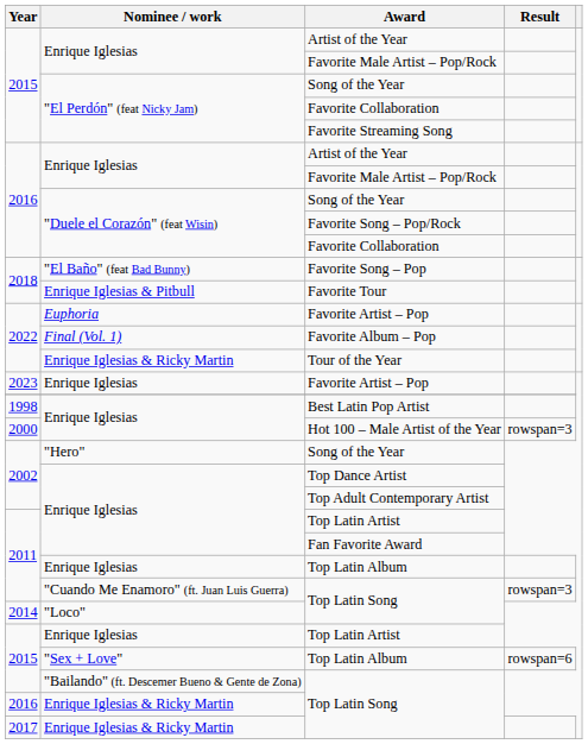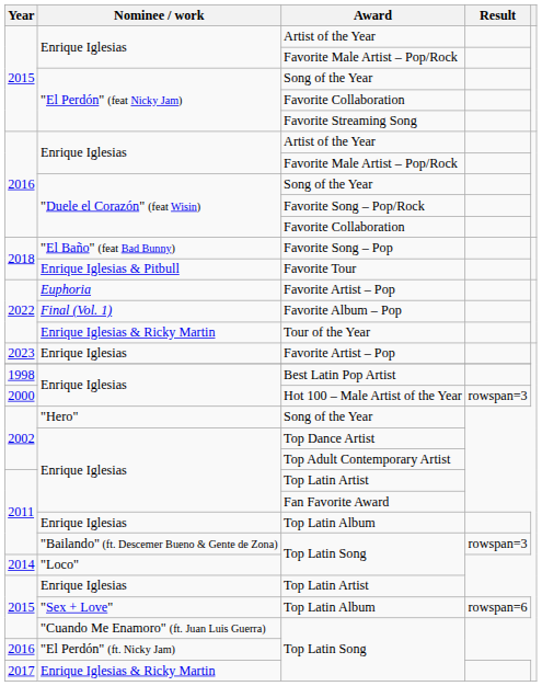 <table class="wikitable">
 <tr>
 <th>Year</th>
 <th>Nominee / work</th>
 <th>Award</th>
 <th>Result</th>
 <th></th>
 </tr>
 <tr>
 <td rowspan=5><a href='#'>2015</a></td>
 <td rowspan=2>Enrique Iglesias</td>
 <td>Artist of the Year</td>
 <td></td>
 <td rowspan=5></td>
 </tr>
 <tr>
 <td>Favorite Male Artist – Pop/Rock</td>
 <td></td>
 </tr>
 <tr>
 <td rowspan=3>"<a href='#'>El Perdón</a>" <small>(feat <a href='#'>Nicky Jam</a>)</small></td>
 <td>Song of the Year</td>
 <td></td>
 </tr>
 <tr>
 <td>Favorite Collaboration</td>
 <td></td>
 </tr>
 <tr>
 <td>Favorite Streaming Song</td>
 <td></td>
 </tr>
 <tr>
 <td rowspan=5><a href='#'>2016</a></td>
 <td rowspan=2>Enrique Iglesias</td>
 <td>Artist of the Year</td>
 <td></td>
 <td rowspan=5></td>
 </tr>
 <tr>
 <td>Favorite Male Artist – Pop/Rock</td>
 <td></td>
 </tr>
 <tr>
 <td rowspan=3>"<a href='#'>Duele el Corazón</a>" <small>(feat <a href='#'>Wisin</a>)</small></td>
 <td>Song of the Year</td>
 <td></td>
 </tr>
 <tr>
 <td>Favorite Song – Pop/Rock</td>
 <td></td>
 </tr>
 <tr>
 <td>Favorite Collaboration</td>
 <td></td>
 </tr>
 <tr>
 <td rowspan=2><a href='#'>2018</a></td>
 <td>"<a href='#'>El Baño</a>" <small>(feat <a href='#'>Bad Bunny</a>)</small></td>
 <td>Favorite Song – Pop</td>
 <td></td>
 <td rowspan=2></td>
 </tr>
 <tr>
 <td><a href='#'>Enrique Iglesias & Pitbull</a></td>
 <td>Favorite Tour</td>
 <td></td>
 </tr>
 <tr>
 <td rowspan=3><a href='#'>2022</a></td>
 <td><em><a href='#'>Euphoria</a></em></td>
 <td>Favorite Artist – Pop</td>
 <td></td>
 <td rowspan=3></td>
 </tr>
 <tr>
 <td><em><a href='#'>Final (Vol. 1)</a></em></td>
 <td>Favorite Album – Pop</td>
 <td></td>
 </tr>
 <tr>
 <td><a href='#'>Enrique Iglesias & Ricky Martin</a></td>
 <td>Tour of the Year</td>
 <td></td>
 </tr>
 <tr>
 <td><a href='#'>2023</a></td>
 <td>Enrique Iglesias</td>
 <td>Favorite Artist – Pop</td>
 <td></td>
 </tr>
 <tr>
 </tr>
 <tr>
 <td><a href='#'>1998</a></td>
 <td rowspan=2>Enrique Iglesias</td>
 <td>Best Latin Pop Artist</td>
 <td></td>
 </tr>
 <tr>
 <td><a href='#'>2000</a></td>
 <td>Hot 100 – Male Artist of the Year</td>
 <td>rowspan=3 </td>
 </tr>
 <tr>
 <td rowspan=3><a href='#'>2002</a></td>
 <td>"Hero"</td>
 <td>Song of the Year</td>
 </tr>
 <tr>
 <td rowspan=4>Enrique Iglesias</td>
 <td>Top Dance Artist</td>
 </tr>
 <tr>
 <td>Top Adult Contemporary Artist</td>
 </tr>
 <tr>
 <td rowspan=4><a href='#'>2011</a></td>
 <td>Top Latin Artist</td>
 </tr>
 <tr>
 <td>Fan Favorite Award</td>
 </tr>
 <tr>
 <td>Enrique Iglesias</td>
 <td>Top Latin Album</td>
 <td></td>
 </tr>
 <tr>
-<td>"Cuando Me Enamoro" <small> (ft. Juan Luis Guerra)</small></td>
+<td>"Bailando"<small> (ft. Descemer Bueno & Gente de Zona)</small></td>
 <td rowspan=2>Top Latin Song</td>
 <td>rowspan=3 </td>
 </tr>
 <tr>
 <td><a href='#'>2014</a></td>
 <td>"Loco"</td>
 </tr>
 <tr>
 <td rowspan=3><a href='#'>2015</a></td>
 <td>Enrique Iglesias</td>
 <td>Top Latin Artist</td>
 </tr>
 <tr>
 <td>"<a href='#'>Sex + Love</a>"</td>
 <td>Top Latin Album</td>
 <td>rowspan=6 </td>
 </tr>
 <tr>
-<td>"Bailando"<small> (ft. Descemer Bueno & Gente de Zona)</small></td>
+<td>"Cuando Me Enamoro" <small> (ft. Juan Luis Guerra)</small></td>
 <td rowspan=3>Top Latin Song</td>
 </tr>
 <tr>
 <td><a href='#'>2016</a></td>
-<td><a href='#'>Enrique Iglesias & Ricky Martin</a></td>
+<td>"El Perdón" <small> (ft. Nicky Jam)</small></td>
 </tr>
 <tr>
 <td><a href='#'>2017</a></td>
 <td><a href='#'>Enrique Iglesias & Ricky Martin</a></td>
 <td></td>
 </tr>
 </table>
